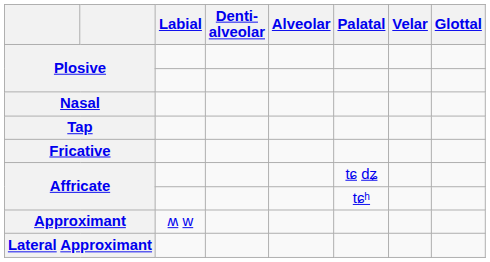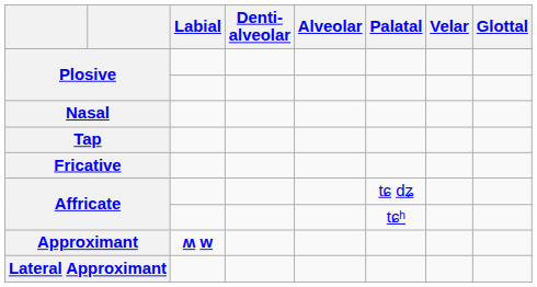 <table class="wikitable" style=text-align:center>
 <tr>
 <th></th>
 <th></th>
 <th><a href='#'>Labial</a></th>
 <th><a href='#'>Denti-<br>alveolar</a></th>
 <th><a href='#'>Alveolar</a></th>
 <th><a href='#'>Palatal</a></th>
 <th><a href='#'>Velar</a></th>
 <th><a href='#'>Glottal</a></th>
 </tr>
 <tr>
 <th colspan="2" rowspan="2"><a href='#'>Plosive</a></th>
 <td>     </td>
 <td>      </td>
 <td>      </td>
 <td></td>
 <td>     </td>
 <td></td>
 </tr>
 <tr>
 <td>      </td>
 <td>      </td>
 <td></td>
 <td></td>
 <td>      </td>
 <td></td>
 </tr>
 <tr>
 <th colspan="2"><a href='#'>Nasal</a></th>
 <td>     </td>
 <td></td>
 <td>     </td>
 <td>     </td>
 <td>     </td>
 <td></td>
 </tr>
 <tr>
 <th colspan="2"><a href='#'>Tap</a></th>
 <td></td>
 <td></td>
 <td>        </td>
 <td></td>
 <td></td>
 <td></td>
 </tr>
 <tr>
 <th colspan="2"><a href='#'>Fricative</a></th>
 <td></td>
 <td></td>
 <td>        </td>
 <td></td>
 <td></td>
 <td>        </td>
 </tr>
 <tr>
 <th colspan="2" rowspan="2"><a href='#'>Affricate</a></th>
 <td></td>
 <td></td>
 <td></td>
 <td><a href='#'>tɕ</a>  <a href='#'>dʑ</a></td>
 <td></td>
 <td></td>
 </tr>
 <tr>
 <td></td>
 <td></td>
 <td></td>
 <td><a href='#'>tɕʰ</a></td>
 <td></td>
 <td></td>
 </tr>
 <tr>
 <th colspan="2"><a href='#'>Approximant</a></th>
-<td><a href='#'>ʍ</a>  <a href='#'>w</a></td>
+<td><strong><a href='#'>ʍ</a>  <a href='#'>w</a></strong></td>
 <td></td>
 <td></td>
 <td></td>
 <td>      </td>
 <td></td>
 </tr>
 <tr>
 <th colspan="2"><a href='#'>Lateral</a> <a href='#'>Approximant</a></th>
 <td></td>
 <td></td>
 <td>     </td>
 <td></td>
 <td></td>
 <td></td>
 </tr>
 </table>
